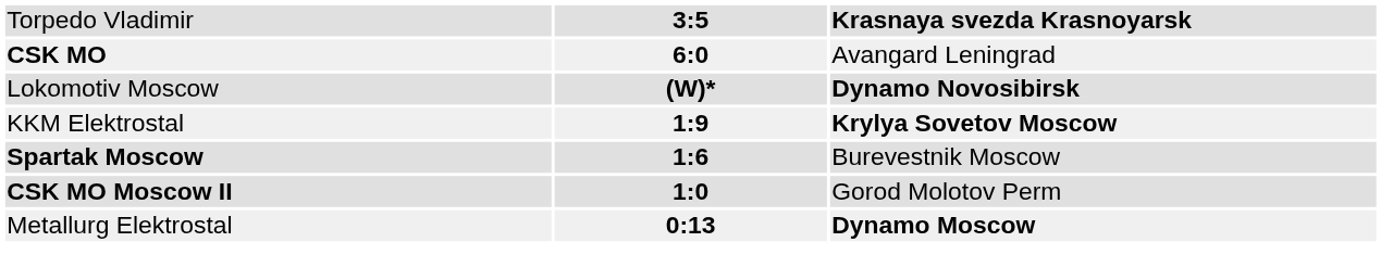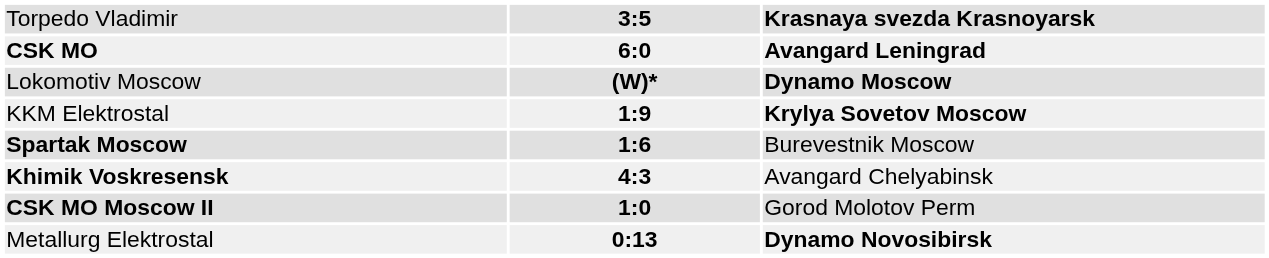 <table width="70%">
 <tr bgcolor="#e0e0e0">
 <td style="width:40%;">Torpedo Vladimir</td>
 <th style="width:20%;"><strong>3:5</strong></th>
 <td style="width:40%;"><strong>Krasnaya svezda Krasnoyarsk</strong></td>
 </tr>
 <tr bgcolor="#f0f0f0">
 <td><strong>CSK MO</strong></td>
 <th><strong>6:0</strong></th>
-<td>Avangard Leningrad</td>
+<td><strong>Avangard Leningrad</strong></td>
 </tr>
 <tr bgcolor="#e0e0e0">
 <td>Lokomotiv Moscow</td>
 <th><strong>(W)*</strong></th>
-<td><strong>Dynamo Novosibirsk</strong></td>
+<td><strong>Dynamo Moscow</strong></td>
 </tr>
 <tr bgcolor="#f0f0f0">
 <td>KKM Elektrostal</td>
 <td align="center"><strong>1:9</strong></td>
 <td><strong>Krylya Sovetov Moscow</strong></td>
 </tr>
 <tr bgcolor="#e0e0e0">
 <td><strong>Spartak Moscow</strong></td>
 <th><strong>1:6</strong></th>
 <td>Burevestnik Moscow</td>
 </tr>
+<tr bgcolor="#f0f0f0">
+<td><strong>Khimik Voskresensk</strong></td>
+<td align="center"><strong>4:3</strong></td>
+<td>Avangard Chelyabinsk</td>
+</tr>
 <tr bgcolor="#e0e0e0">
 <td><strong>CSK MO Moscow II</strong></td>
 <th><strong>1:0</strong></th>
 <td>Gorod Molotov Perm</td>
 </tr>
 <tr bgcolor="#f0f0f0">
 <td>Metallurg Elektrostal</td>
 <td align="center"><strong>0:13</strong></td>
-<td><strong>Dynamo Moscow</strong></td>
+<td><strong>Dynamo Novosibirsk</strong></td>
 </tr>
 </table>
